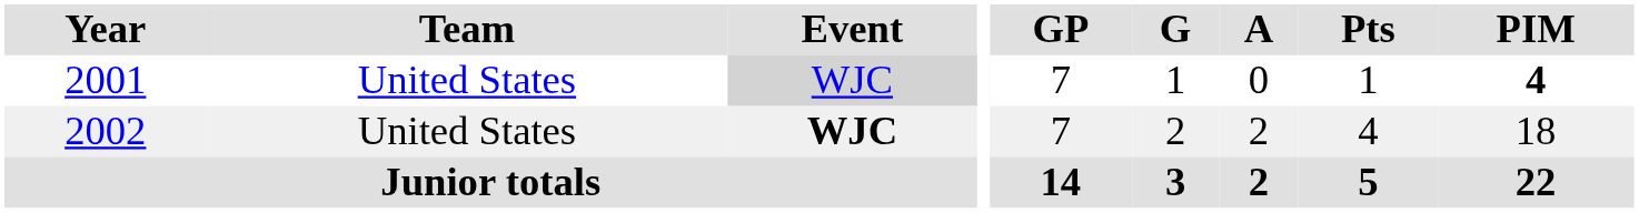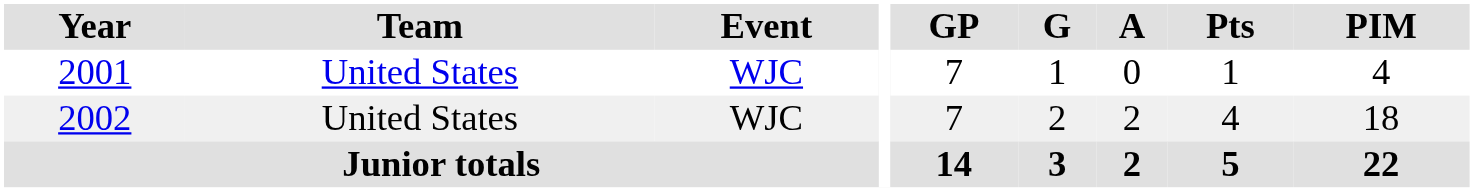 <table border="0" cellpadding="1" cellspacing="0" ID="Table3" style="text-align:center; width:40em">
 <tr bgcolor="#e0e0e0">
 <th>Year</th>
 <th>Team</th>
 <th>Event</th>
 <th rowspan="102" bgcolor="#ffffff"></th>
 <th>GP</th>
 <th>G</th>
 <th>A</th>
 <th>Pts</th>
 <th>PIM</th>
 </tr>
 <tr>
 <td><a href='#'>2001</a></td>
 <td><a href='#'>United States</a></td>
-<td style="background: lightgrey;"><a href='#'>WJC</a></td>
+<td><a href='#'>WJC</a></td>
 <td>7</td>
 <td>1</td>
 <td>0</td>
 <td>1</td>
-<td><strong>4</strong></td>
+<td>4</td>
 </tr>
 <tr bgcolor="#f0f0f0">
 <td><a href='#'>2002</a></td>
 <td>United States</td>
-<td><strong>WJC</strong></td>
+<td>WJC</td>
 <td>7</td>
 <td>2</td>
 <td>2</td>
 <td>4</td>
 <td>18</td>
 </tr>
 <tr bgcolor="#e0e0e0">
 <th colspan="3">Junior totals</th>
 <th>14</th>
 <th>3</th>
 <th>2</th>
 <th>5</th>
 <th>22</th>
 </tr>
 </table>
